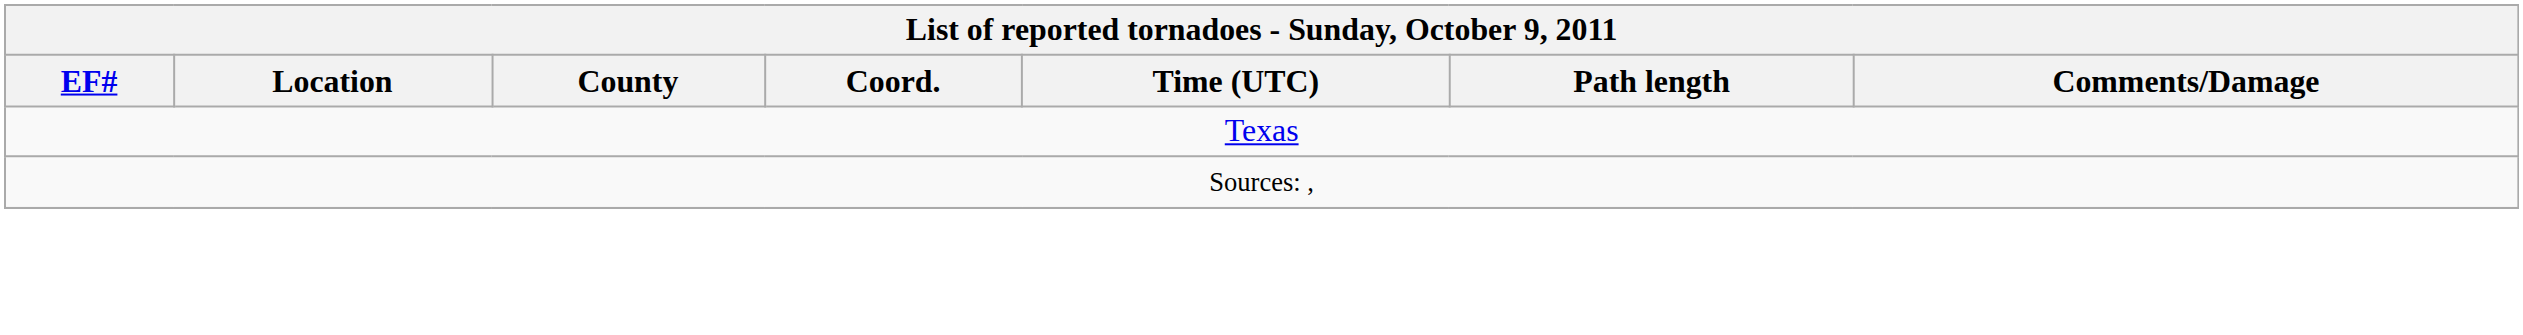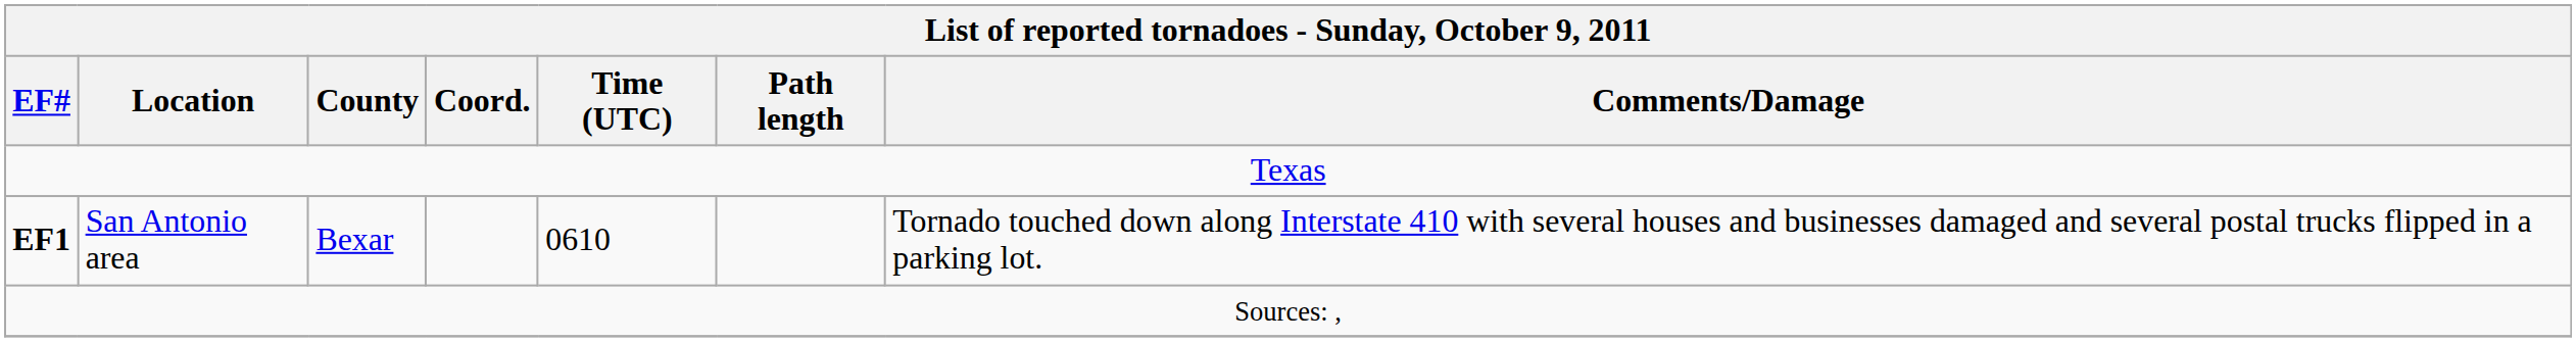 <table class="wikitable collapsible" width="100%">
 <tr>
 <th colspan="7">List of reported tornadoes - Sunday, October 9, 2011</th>
 </tr>
 <tr>
 <th><a href='#'>EF#</a></th>
 <th>Location</th>
 <th>County</th>
 <th>Coord.</th>
 <th>Time (UTC)</th>
 <th>Path length</th>
 <th>Comments/Damage</th>
 </tr>
 <tr>
 <td colspan="7" align=center><a href='#'>Texas</a></td>
 </tr>
 <tr>
+<td><strong>EF1</strong></td>
+<td><a href='#'>San Antonio</a> area</td>
+<td><a href='#'>Bexar</a></td>
+<td></td>
+<td>0610</td>
+<td></td>
+<td>Tornado touched down along <a href='#'>Interstate 410</a> with several houses and businesses damaged and several postal trucks flipped in a parking lot.</td>
+</tr>
+<tr>
 <td colspan="7" align=center><small>Sources: , </small></td>
 </tr>
 <tr>
 </tr>
 </table>
